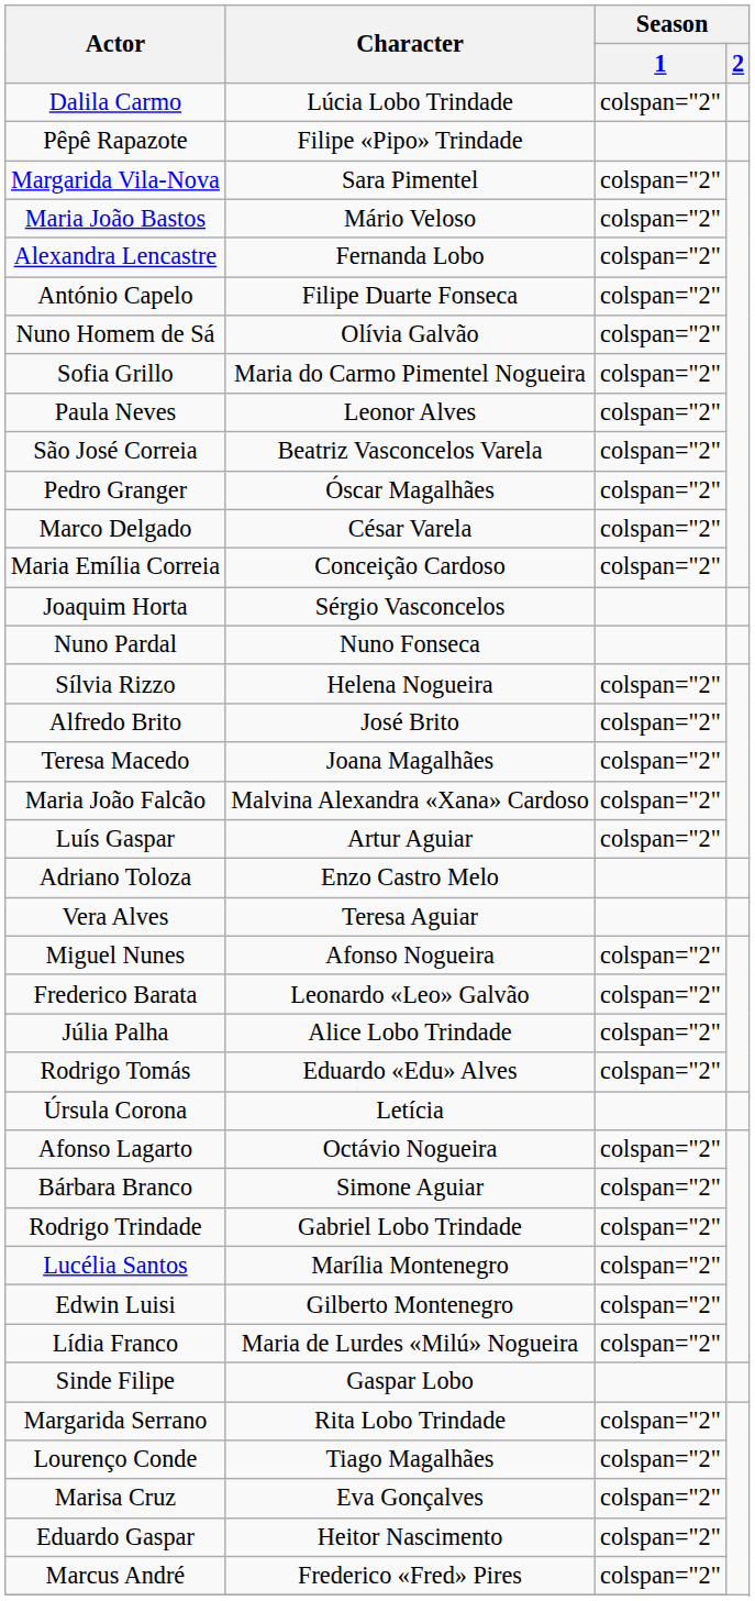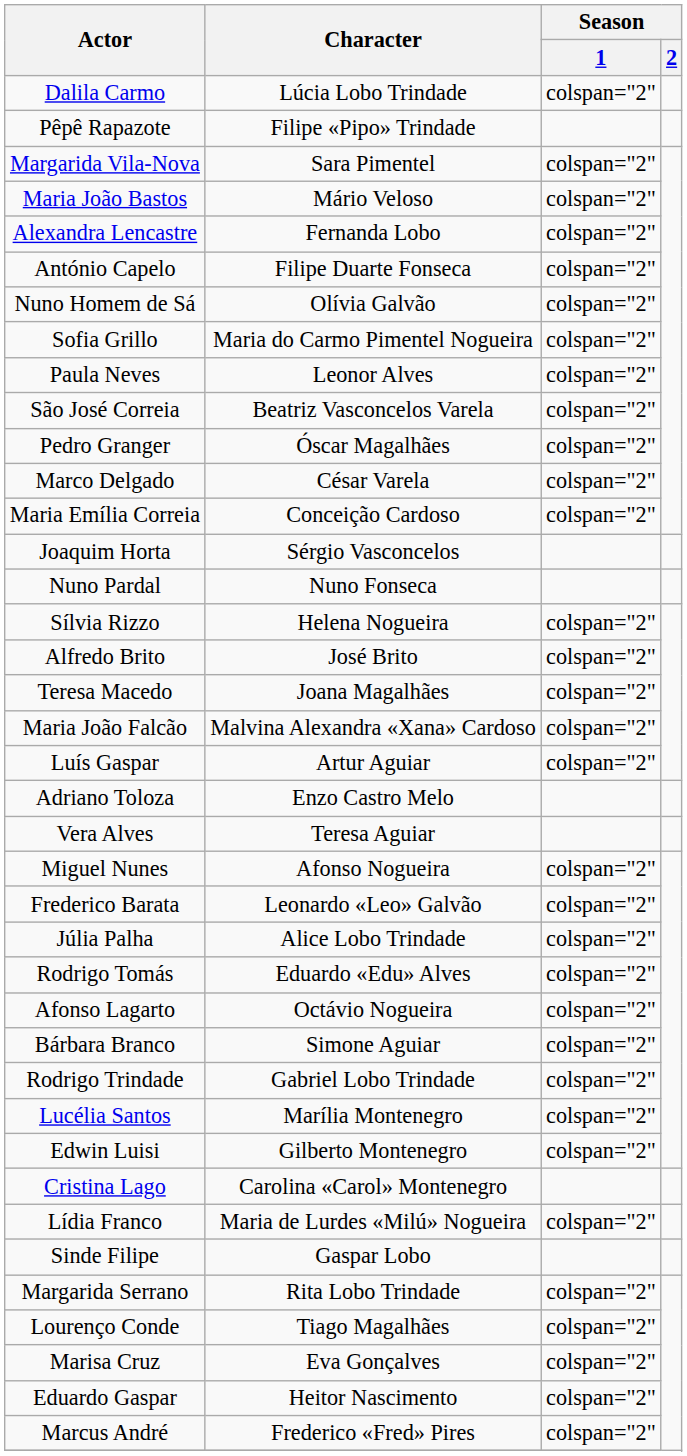 <table class="wikitable" style="text-align:center">
 <tr>
 <th rowspan="2">Actor</th>
 <th rowspan="2">Character</th>
 <th colspan="2">Season</th>
 </tr>
 <tr>
 <th><a href='#'>1</a></th>
 <th><a href='#'>2</a></th>
 </tr>
 <tr>
 <td><a href='#'>Dalila Carmo</a></td>
 <td>Lúcia Lobo Trindade</td>
 <td>colspan="2" </td>
 </tr>
 <tr>
 <td>Pêpê Rapazote</td>
 <td>Filipe «Pipo» Trindade</td>
 <td></td>
 <td></td>
 </tr>
 <tr>
 <td><a href='#'>Margarida Vila-Nova</a></td>
 <td>Sara Pimentel</td>
 <td>colspan="2" </td>
 </tr>
 <tr>
 <td><a href='#'>Maria João Bastos</a></td>
 <td>Mário Veloso</td>
 <td>colspan="2" </td>
 </tr>
 <tr>
 <td><a href='#'>Alexandra Lencastre</a></td>
 <td>Fernanda Lobo</td>
 <td>colspan="2" </td>
 </tr>
 <tr>
 <td>António Capelo</td>
 <td>Filipe Duarte Fonseca</td>
 <td>colspan="2" </td>
 </tr>
 <tr>
 <td>Nuno Homem de Sá</td>
 <td>Olívia Galvão</td>
 <td>colspan="2" </td>
 </tr>
 <tr>
 <td>Sofia Grillo</td>
 <td>Maria do Carmo Pimentel Nogueira</td>
 <td>colspan="2" </td>
 </tr>
 <tr>
 <td>Paula Neves</td>
 <td>Leonor Alves</td>
 <td>colspan="2" </td>
 </tr>
 <tr>
 <td>São José Correia</td>
 <td>Beatriz Vasconcelos Varela</td>
 <td>colspan="2" </td>
 </tr>
 <tr>
 <td>Pedro Granger</td>
 <td>Óscar Magalhães</td>
 <td>colspan="2" </td>
 </tr>
 <tr>
 <td>Marco Delgado</td>
 <td>César Varela</td>
 <td>colspan="2" </td>
 </tr>
 <tr>
 <td>Maria Emília Correia</td>
 <td>Conceição Cardoso</td>
 <td>colspan="2" </td>
 </tr>
 <tr>
 <td>Joaquim Horta</td>
 <td>Sérgio Vasconcelos</td>
 <td></td>
 <td></td>
 </tr>
 <tr>
 <td>Nuno Pardal</td>
 <td>Nuno Fonseca</td>
 <td></td>
 <td></td>
 </tr>
 <tr>
 <td>Sílvia Rizzo</td>
 <td>Helena Nogueira</td>
 <td>colspan="2" </td>
 </tr>
 <tr>
 <td>Alfredo Brito</td>
 <td>José Brito</td>
 <td>colspan="2" </td>
 </tr>
 <tr>
 <td>Teresa Macedo</td>
 <td>Joana Magalhães</td>
 <td>colspan="2" </td>
 </tr>
 <tr>
 <td>Maria João Falcão</td>
 <td>Malvina Alexandra «Xana» Cardoso</td>
 <td>colspan="2" </td>
 </tr>
 <tr>
 <td>Luís Gaspar</td>
 <td>Artur Aguiar</td>
 <td>colspan="2" </td>
 </tr>
 <tr>
 <td>Adriano Toloza</td>
 <td>Enzo Castro Melo</td>
 <td></td>
 <td></td>
 </tr>
 <tr>
 <td>Vera Alves</td>
 <td>Teresa Aguiar</td>
 <td></td>
 <td></td>
 </tr>
 <tr>
 <td>Miguel Nunes</td>
 <td>Afonso Nogueira</td>
 <td>colspan="2" </td>
 </tr>
 <tr>
 <td>Frederico Barata</td>
 <td>Leonardo «Leo» Galvão</td>
 <td>colspan="2" </td>
 </tr>
 <tr>
 <td>Júlia Palha</td>
 <td>Alice Lobo Trindade</td>
 <td>colspan="2" </td>
 </tr>
 <tr>
 <td>Rodrigo Tomás</td>
 <td>Eduardo «Edu» Alves</td>
 <td>colspan="2" </td>
 </tr>
 <tr>
-<td>Úrsula Corona</td>
-<td>Letícia</td>
-<td></td>
-<td></td>
-</tr>
-<tr>
 <td>Afonso Lagarto</td>
 <td>Octávio Nogueira</td>
 <td>colspan="2" </td>
 </tr>
 <tr>
 <td>Bárbara Branco</td>
 <td>Simone Aguiar</td>
 <td>colspan="2" </td>
 </tr>
 <tr>
 <td>Rodrigo Trindade</td>
 <td>Gabriel Lobo Trindade</td>
 <td>colspan="2" </td>
 </tr>
 <tr>
 <td><a href='#'>Lucélia Santos</a></td>
 <td>Marília Montenegro</td>
 <td>colspan="2" </td>
 </tr>
 <tr>
 <td>Edwin Luisi</td>
 <td>Gilberto Montenegro</td>
 <td>colspan="2" </td>
+</tr>
+<tr>
+<td><a href='#'>Cristina Lago</a></td>
+<td>Carolina «Carol» Montenegro</td>
+<td></td>
+<td></td>
 </tr>
 <tr>
 <td>Lídia Franco</td>
 <td>Maria de Lurdes «Milú» Nogueira</td>
 <td>colspan="2" </td>
 </tr>
 <tr>
 <td>Sinde Filipe</td>
 <td>Gaspar Lobo</td>
 <td></td>
 <td></td>
 </tr>
 <tr>
 <td>Margarida Serrano</td>
 <td>Rita Lobo Trindade</td>
 <td>colspan="2" </td>
 </tr>
 <tr>
 <td>Lourenço Conde</td>
 <td>Tiago Magalhães</td>
 <td>colspan="2" </td>
 </tr>
 <tr>
 <td>Marisa Cruz</td>
 <td>Eva Gonçalves</td>
 <td>colspan="2" </td>
 </tr>
 <tr>
 <td>Eduardo Gaspar</td>
 <td>Heitor Nascimento</td>
 <td>colspan="2" </td>
 </tr>
 <tr>
 <td>Marcus André</td>
 <td>Frederico «Fred» Pires</td>
 <td>colspan="2" </td>
 </tr>
 <tr>
 </tr>
 </table>
